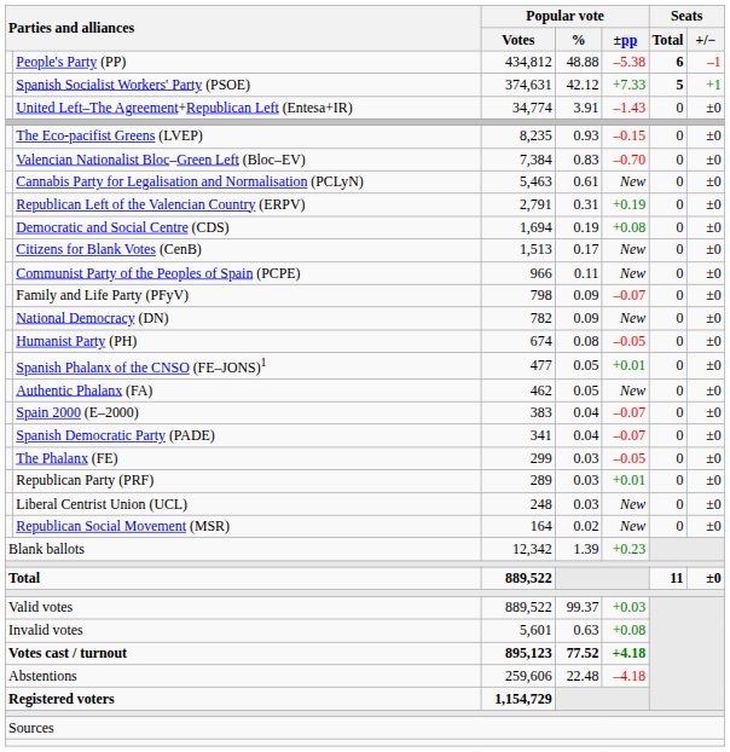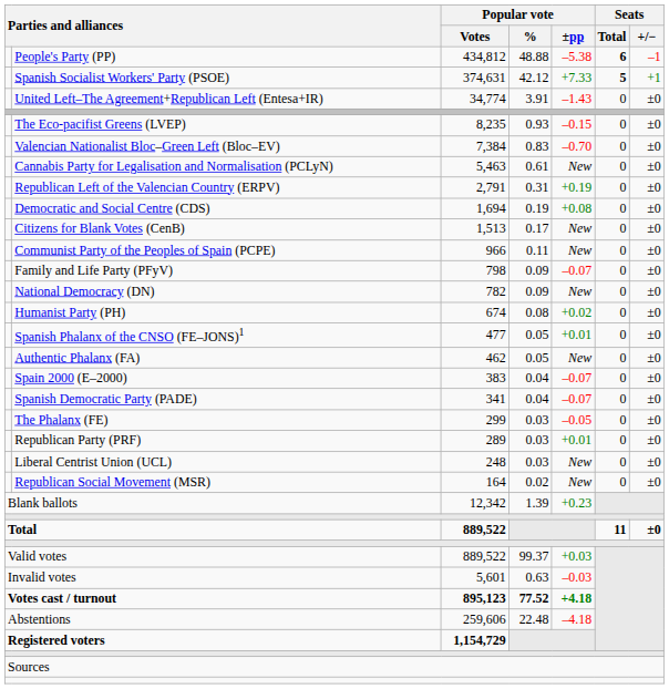 <table class="wikitable" style="text-align:right;">
 <tr>
 <th style="text-align:left;" rowspan="2" colspan="2" width="525">Parties and alliances</th>
 <th colspan="3">Popular vote</th>
 <th colspan="2">Seats</th>
 </tr>
 <tr>
 <th width="75">Votes</th>
 <th width="45">%</th>
 <th width="45">±<a href='#'>pp</a></th>
 <th width="35">Total</th>
 <th width="35">+/−</th>
 </tr>
 <tr>
 <td width="1" style="color:inherit;background:"></td>
 <td align="left"><a href='#'>People's Party</a> (PP)</td>
 <td>434,812</td>
 <td>48.88</td>
 <td style="color:red;">–5.38</td>
 <td><strong>6</strong></td>
 <td style="color:red;">–1</td>
 </tr>
 <tr>
 <td style="color:inherit;background:"></td>
 <td align="left"><a href='#'>Spanish Socialist Workers' Party</a> (PSOE)</td>
 <td>374,631</td>
 <td>42.12</td>
 <td style="color:green;">+7.33</td>
 <td><strong>5</strong></td>
 <td style="color:green;">+1</td>
 </tr>
 <tr>
 <td style="color:inherit;background:"></td>
 <td align="left"><a href='#'>United Left–The Agreement</a>+<a href='#'>Republican Left</a> (Entesa+IR)</td>
 <td>34,774</td>
 <td>3.91</td>
 <td style="color:red;">–1.43</td>
 <td>0</td>
 <td>±0</td>
 </tr>
 <tr>
 <td colspan="7" bgcolor="#C0C0C0"></td>
 </tr>
 <tr>
 <td style="color:inherit;background:"></td>
 <td align="left"><a href='#'>The Eco-pacifist Greens</a> (LVEP)</td>
 <td>8,235</td>
 <td>0.93</td>
 <td style="color:red;">–0.15</td>
 <td>0</td>
 <td>±0</td>
 </tr>
 <tr>
 <td style="color:inherit;background:"></td>
 <td align="left"><a href='#'>Valencian Nationalist Bloc</a>–<a href='#'>Green Left</a> (Bloc–EV)</td>
 <td>7,384</td>
 <td>0.83</td>
 <td style="color:red;">–0.70</td>
 <td>0</td>
 <td>±0</td>
 </tr>
 <tr>
 <td style="color:inherit;background:"></td>
 <td align="left"><a href='#'>Cannabis Party for Legalisation and Normalisation</a> (PCLyN)</td>
 <td>5,463</td>
 <td>0.61</td>
 <td><em>New</em></td>
 <td>0</td>
 <td>±0</td>
 </tr>
 <tr>
 <td style="color:inherit;background:"></td>
 <td align="left"><a href='#'>Republican Left of the Valencian Country</a> (ERPV)</td>
 <td>2,791</td>
 <td>0.31</td>
 <td style="color:green;">+0.19</td>
 <td>0</td>
 <td>±0</td>
 </tr>
 <tr>
 <td style="color:inherit;background:"></td>
 <td align="left"><a href='#'>Democratic and Social Centre</a> (CDS)</td>
 <td>1,694</td>
 <td>0.19</td>
 <td style="color:green;">+0.08</td>
 <td>0</td>
 <td>±0</td>
 </tr>
 <tr>
 <td style="color:inherit;background:"></td>
 <td align="left"><a href='#'>Citizens for Blank Votes</a> (CenB)</td>
 <td>1,513</td>
 <td>0.17</td>
 <td><em>New</em></td>
 <td>0</td>
 <td>±0</td>
 </tr>
 <tr>
 <td style="color:inherit;background:"></td>
 <td align="left"><a href='#'>Communist Party of the Peoples of Spain</a> (PCPE)</td>
 <td>966</td>
 <td>0.11</td>
 <td><em>New</em></td>
 <td>0</td>
 <td>±0</td>
 </tr>
 <tr>
 <td style="color:inherit;background:"></td>
 <td align="left">Family and Life Party (PFyV)</td>
 <td>798</td>
 <td>0.09</td>
 <td style="color:red;">–0.07</td>
 <td>0</td>
 <td>±0</td>
 </tr>
 <tr>
 <td style="color:inherit;background:"></td>
 <td align="left"><a href='#'>National Democracy</a> (DN)</td>
 <td>782</td>
 <td>0.09</td>
 <td><em>New</em></td>
 <td>0</td>
 <td>±0</td>
 </tr>
 <tr>
 <td style="color:inherit;background:"></td>
 <td align="left"><a href='#'>Humanist Party</a> (PH)</td>
 <td>674</td>
 <td>0.08</td>
-<td style="color:red;">–0.05</td>
+<td style="color:green;">+0.02</td>
 <td>0</td>
 <td>±0</td>
 </tr>
 <tr>
 <td style="color:inherit;background:"></td>
 <td align="left"><a href='#'>Spanish Phalanx of the CNSO</a> (FE–JONS)<sup>1</sup></td>
 <td>477</td>
 <td>0.05</td>
 <td style="color:green;">+0.01</td>
 <td>0</td>
 <td>±0</td>
 </tr>
 <tr>
 <td style="color:inherit;background:"></td>
 <td align="left"><a href='#'>Authentic Phalanx</a> (FA)</td>
 <td>462</td>
 <td>0.05</td>
 <td><em>New</em></td>
 <td>0</td>
 <td>±0</td>
 </tr>
 <tr>
 <td style="color:inherit;background:"></td>
 <td align="left"><a href='#'>Spain 2000</a> (E–2000)</td>
 <td>383</td>
 <td>0.04</td>
 <td style="color:red;">–0.07</td>
 <td>0</td>
 <td>±0</td>
 </tr>
 <tr>
 <td style="color:inherit;background:"></td>
 <td align="left"><a href='#'>Spanish Democratic Party</a> (PADE)</td>
 <td>341</td>
 <td>0.04</td>
 <td style="color:red;">–0.07</td>
 <td>0</td>
 <td>±0</td>
 </tr>
 <tr>
 <td style="color:inherit;background:"></td>
 <td align="left"><a href='#'>The Phalanx</a> (FE)</td>
 <td>299</td>
 <td>0.03</td>
 <td style="color:red;">–0.05</td>
 <td>0</td>
 <td>±0</td>
 </tr>
 <tr>
 <td style="color:inherit;background:"></td>
 <td align="left">Republican Party (PRF)</td>
 <td>289</td>
 <td>0.03</td>
 <td style="color:green;">+0.01</td>
 <td>0</td>
 <td>±0</td>
 </tr>
 <tr>
 <td style="color:inherit;background:"></td>
 <td align="left">Liberal Centrist Union (UCL)</td>
 <td>248</td>
 <td>0.03</td>
 <td><em>New</em></td>
 <td>0</td>
 <td>±0</td>
 </tr>
 <tr>
 <td style="color:inherit;background:"></td>
 <td align="left"><a href='#'>Republican Social Movement</a> (MSR)</td>
 <td>164</td>
 <td>0.02</td>
 <td><em>New</em></td>
 <td>0</td>
 <td>±0</td>
 </tr>
 <tr>
 <td align="left" colspan="2">Blank ballots</td>
 <td>12,342</td>
 <td>1.39</td>
 <td style="color:green;">+0.23</td>
 <td bgcolor="#E9E9E9" colspan="2"></td>
 </tr>
 <tr>
 <td colspan="7" bgcolor="#E9E9E9"></td>
 </tr>
 <tr style="font-weight:bold;">
 <td align="left" colspan="2">Total</td>
 <td>889,522</td>
 <td bgcolor="#E9E9E9" colspan="2"></td>
 <td>11</td>
 <td>±0</td>
 </tr>
 <tr>
 <td colspan="7" bgcolor="#E9E9E9"></td>
 </tr>
 <tr>
 <td align="left" colspan="2">Valid votes</td>
 <td>889,522</td>
 <td>99.37</td>
 <td style="color:green;">+0.03</td>
 <td bgcolor="#E9E9E9" colspan="2" rowspan="5"></td>
 </tr>
 <tr>
 <td align="left" colspan="2">Invalid votes</td>
 <td>5,601</td>
 <td>0.63</td>
-<td style="color:green;">+0.08</td>
+<td style="color:red;">–0.03</td>
 </tr>
 <tr style="font-weight:bold;">
 <td align="left" colspan="2">Votes cast / turnout</td>
 <td>895,123</td>
 <td>77.52</td>
 <td style="color:green;">+4.18</td>
 </tr>
 <tr>
 <td align="left" colspan="2">Abstentions</td>
 <td>259,606</td>
 <td>22.48</td>
 <td style="color:red;">–4.18</td>
 </tr>
 <tr style="font-weight:bold;">
 <td align="left" colspan="2">Registered voters</td>
 <td>1,154,729</td>
 <td bgcolor="#E9E9E9" colspan="2"></td>
 </tr>
 <tr>
 <td colspan="7" bgcolor="#E9E9E9"></td>
 </tr>
 <tr>
 <td align="left" colspan="7">Sources</td>
 </tr>
 <tr>
 <td colspan="7" style="text-align:left; max-width:790px;"></td>
 </tr>
 </table>
